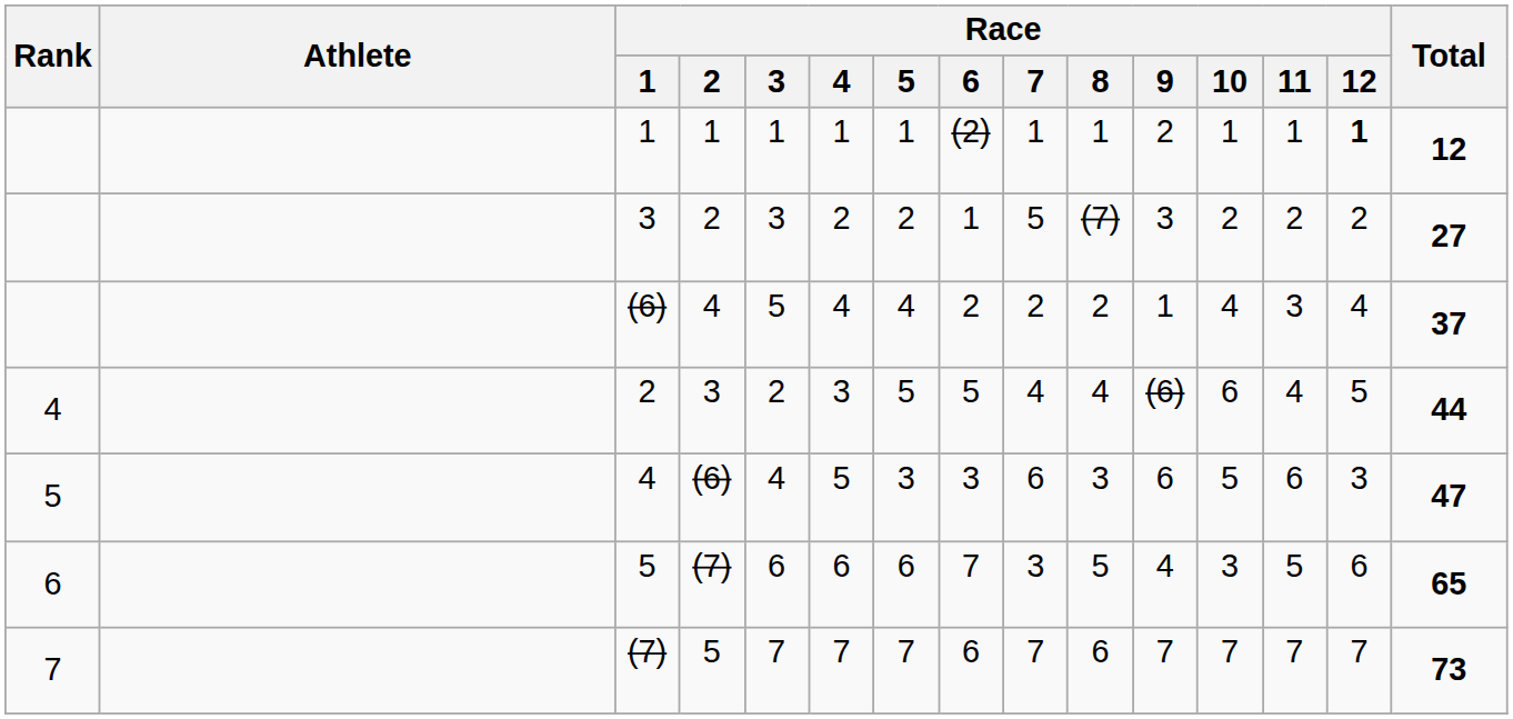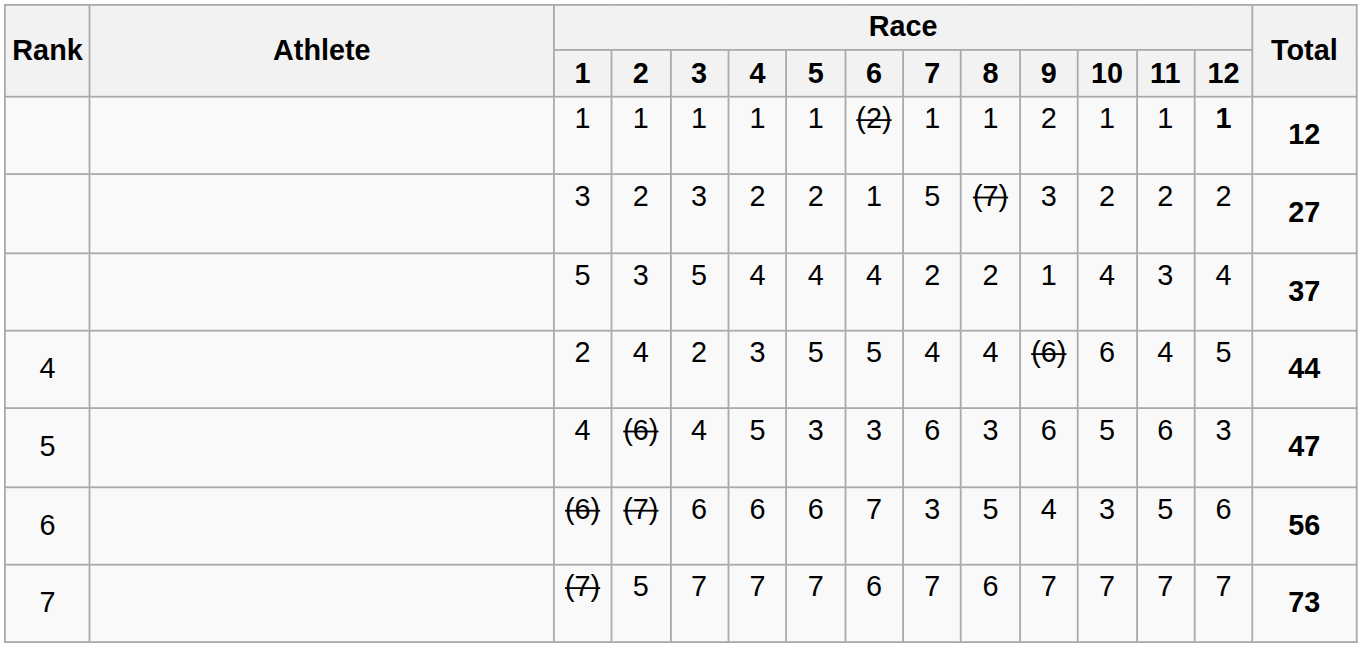 <table | class="wikitable" style="text-align:center">
 <tr>
 <th rowspan="2" width=40>Rank</th>
 <th rowspan="2" width=250>Athlete</th>
 <th colspan="12">Race</th>
 <th rowspan="2" width=50>Total</th>
 </tr>
 <tr>
 <th width=25>1</th>
 <th width=25>2</th>
 <th width=25>3</th>
 <th width=25>4</th>
 <th width=25>5</th>
 <th width=25>6</th>
 <th width=25>7</th>
 <th width=25>8</th>
 <th width=25>9</th>
 <th width=25>10</th>
 <th width=25>11</th>
 <th width=25>12</th>
 </tr>
 <tr>
 <td></td>
 <td align=left></td>
 <td>1<br> </td>
 <td>1<br> </td>
 <td>1<br> </td>
 <td>1<br> </td>
 <td>1<br> </td>
 <td><s>(2)</s><br> </td>
 <td>1<br> </td>
 <td>1<br> </td>
 <td>2<br> </td>
 <td>1<br> </td>
 <td>1<br> </td>
 <td><strong>1<br> </strong></td>
 <td><strong>12</strong></td>
 </tr>
 <tr>
 <td></td>
 <td align=left></td>
 <td>3<br> </td>
 <td>2<br> </td>
 <td>3<br> </td>
 <td>2<br> </td>
 <td>2<br> </td>
 <td>1<br> </td>
 <td>5<br> </td>
 <td><s>(7)</s><br> </td>
 <td>3<br> </td>
 <td>2<br> </td>
 <td>2<br> </td>
 <td>2<br> </td>
 <td><strong>27</strong></td>
 </tr>
 <tr>
 <td></td>
 <td align=left></td>
-<td><s>(6)</s><br> </td>
-<td>4<br> </td>
+<td>5<br> </td>
+<td>3<br> </td>
 <td>5<br> </td>
 <td>4<br> </td>
 <td>4<br> </td>
-<td>2<br> </td>
+<td>4<br> </td>
 <td>2<br> </td>
 <td>2<br> </td>
 <td>1<br> </td>
 <td>4<br> </td>
 <td>3<br> </td>
 <td>4<br> </td>
 <td><strong>37</strong></td>
 </tr>
 <tr>
 <td>4</td>
 <td align=left></td>
 <td>2<br> </td>
-<td>3<br> </td>
+<td>4<br> </td>
 <td>2<br> </td>
 <td>3<br> </td>
 <td>5<br> </td>
 <td>5<br> </td>
 <td>4<br> </td>
 <td>4<br> </td>
 <td><s>(6)</s><br> </td>
 <td>6<br> </td>
 <td>4<br> </td>
 <td>5<br> </td>
 <td><strong>44</strong></td>
 </tr>
 <tr>
 <td>5</td>
 <td align=left></td>
 <td>4<br> </td>
 <td><s>(6)</s><br> </td>
 <td>4<br> </td>
 <td>5<br> </td>
 <td>3<br> </td>
 <td>3<br> </td>
 <td>6<br> </td>
 <td>3<br> </td>
 <td>6<br> </td>
 <td>5<br> </td>
 <td>6<br> </td>
 <td>3<br> </td>
 <td><strong>47</strong></td>
 </tr>
 <tr>
 <td>6</td>
 <td align=left></td>
-<td>5<br> </td>
+<td><s>(6)</s><br> </td>
 <td><s>(7)</s><br> </td>
 <td>6<br> </td>
 <td>6<br> </td>
 <td>6<br> </td>
 <td>7<br> </td>
 <td>3<br> </td>
 <td>5<br> </td>
 <td>4<br> </td>
 <td>3<br> </td>
 <td>5<br> </td>
 <td>6<br> </td>
-<td><strong>65</strong></td>
+<td><strong>56</strong></td>
 </tr>
 <tr>
 <td>7</td>
 <td align=left></td>
 <td><s>(7)</s><br> </td>
 <td>5<br> </td>
 <td>7<br> </td>
 <td>7<br> </td>
 <td>7<br> </td>
 <td>6<br> </td>
 <td>7<br> </td>
 <td>6<br> </td>
 <td>7<br> </td>
 <td>7<br> </td>
 <td>7<br> </td>
 <td>7<br> </td>
 <td><strong>73</strong></td>
 </tr>
 </table>
